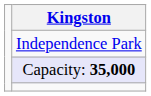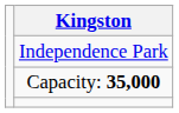 <table class="wikitable" style="text-align:center">
 <tr>
 <td rowspan=4></td>
 <th><a href='#'>Kingston</a></th>
 </tr>
 <tr>
 <td><a href='#'>Independence Park</a></td>
 </tr>
 <tr>
-<td style="background: lavender;">Capacity: <strong>35,000</strong></td>
+<td>Capacity: <strong>35,000</strong></td>
 </tr>
 <tr>
 <td></td>
 </tr>
 </table>
